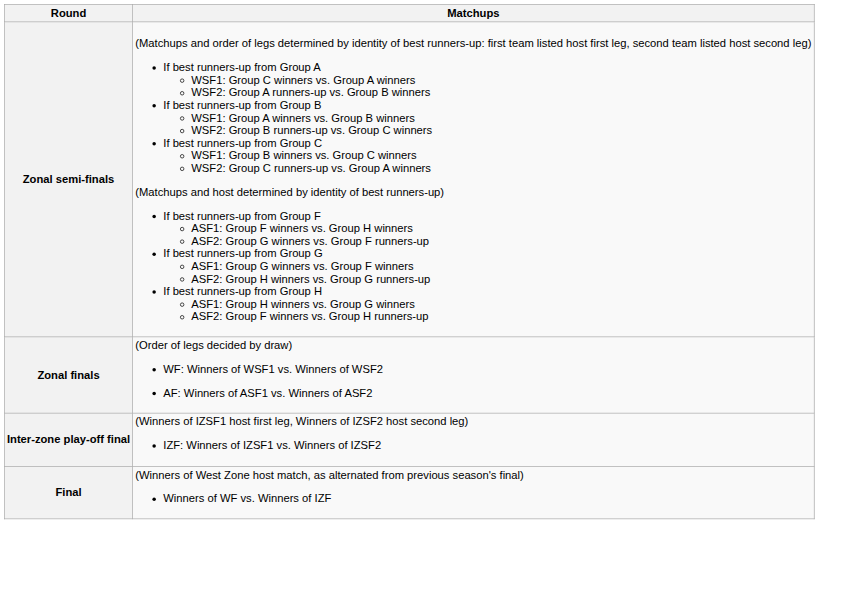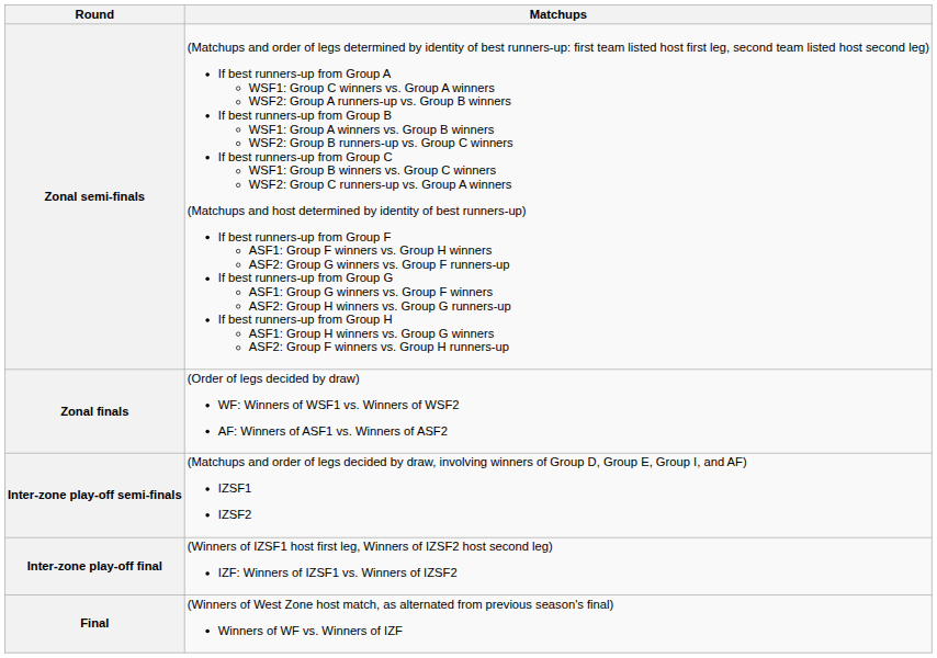 <table class=wikitable>
 <tr>
 <th>Round</th>
 <th>Matchups</th>
 </tr>
 <tr>
 <th>Zonal semi-finals</th>
 <td><br> (Matchups and order of legs determined by identity of best runners-up: first team listed host first leg, second team listed host second leg)<ul><li>If best runners-up from Group A<ul><li>WSF1: Group C winners vs. Group A winners</li><li>WSF2: Group A runners-up vs. Group B winners</li></ul></li><li>If best runners-up from Group B<ul><li>WSF1: Group A winners vs. Group B winners</li><li>WSF2: Group B runners-up vs. Group C winners</li></ul></li><li>If best runners-up from Group C<ul><li>WSF1: Group B winners vs. Group C winners</li><li>WSF2: Group C runners-up vs. Group A winners</li></ul></li></ul>(Matchups and host determined by identity of best runners-up)<ul><li>If best runners-up from Group F<ul><li>ASF1: Group F winners vs. Group H winners</li><li>ASF2: Group G winners vs. Group F runners-up</li></ul></li><li>If best runners-up from Group G<ul><li>ASF1: Group G winners vs. Group F winners</li><li>ASF2: Group H winners vs. Group G runners-up</li></ul></li><li>If best runners-up from Group H<ul><li>ASF1: Group H winners vs. Group G winners</li><li>ASF2: Group F winners vs. Group H runners-up</li></ul></li></ul></td>
 </tr>
 <tr>
 <th>Zonal finals</th>
 <td>(Order of legs decided by draw)<br> <ul><li>WF: Winners of WSF1 vs. Winners of WSF2</li></ul><ul><li>AF: Winners of ASF1 vs. Winners of ASF2</li></ul></td>
 </tr>
 <tr>
+<th>Inter-zone play-off semi-finals</th>
+<td>(Matchups and order of legs decided by draw, involving winners of Group D, Group E, Group I, and AF)<br> <ul><li>IZSF1</li></ul><ul><li>IZSF2</li></ul></td>
+</tr>
+<tr>
 <th>Inter-zone play-off final</th>
 <td>(Winners of IZSF1 host first leg, Winners of IZSF2 host second leg)<br><ul><li>IZF: Winners of IZSF1 vs. Winners of IZSF2</li></ul></td>
 </tr>
 <tr>
 <th>Final</th>
 <td>(Winners of West Zone host match, as alternated from previous season's final)<br><ul><li>Winners of WF vs. Winners of IZF</li></ul></td>
 </tr>
 </table>
